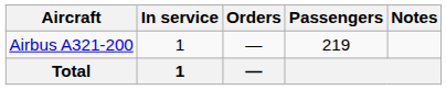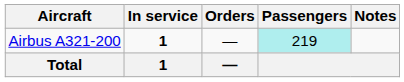 <table class="wikitable" style="margin:1em auto; border-collapse:collapse;text-align:center">
 <tr>
 <th>Aircraft</th>
 <th>In service</th>
 <th>Orders</th>
 <th>Passengers</th>
 <th>Notes</th>
 </tr>
 <tr>
 <td><a href='#'>Airbus A321-200</a></td>
-<td>1</td>
+<td><strong>1</strong></td>
 <td>—</td>
-<td>219</td>
+<td style="background: paleturquoise;">219</td>
 <td></td>
 </tr>
 <tr>
 <th>Total</th>
 <th>1</th>
 <th>—</th>
 <th colspan="3"></th>
 </tr>
 </table>
